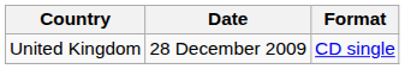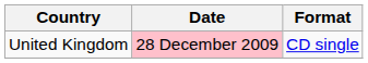 <table class="wikitable">
 <tr>
 <th>Country</th>
 <th>Date</th>
 <th>Format</th>
 </tr>
 <tr>
 <td rowspan="1">United Kingdom</td>
-<td>28 December 2009</td>
+<td style="background: pink;">28 December 2009</td>
 <td><a href='#'>CD single</a></td>
 </tr>
 <tr>
 </tr>
 </table>
